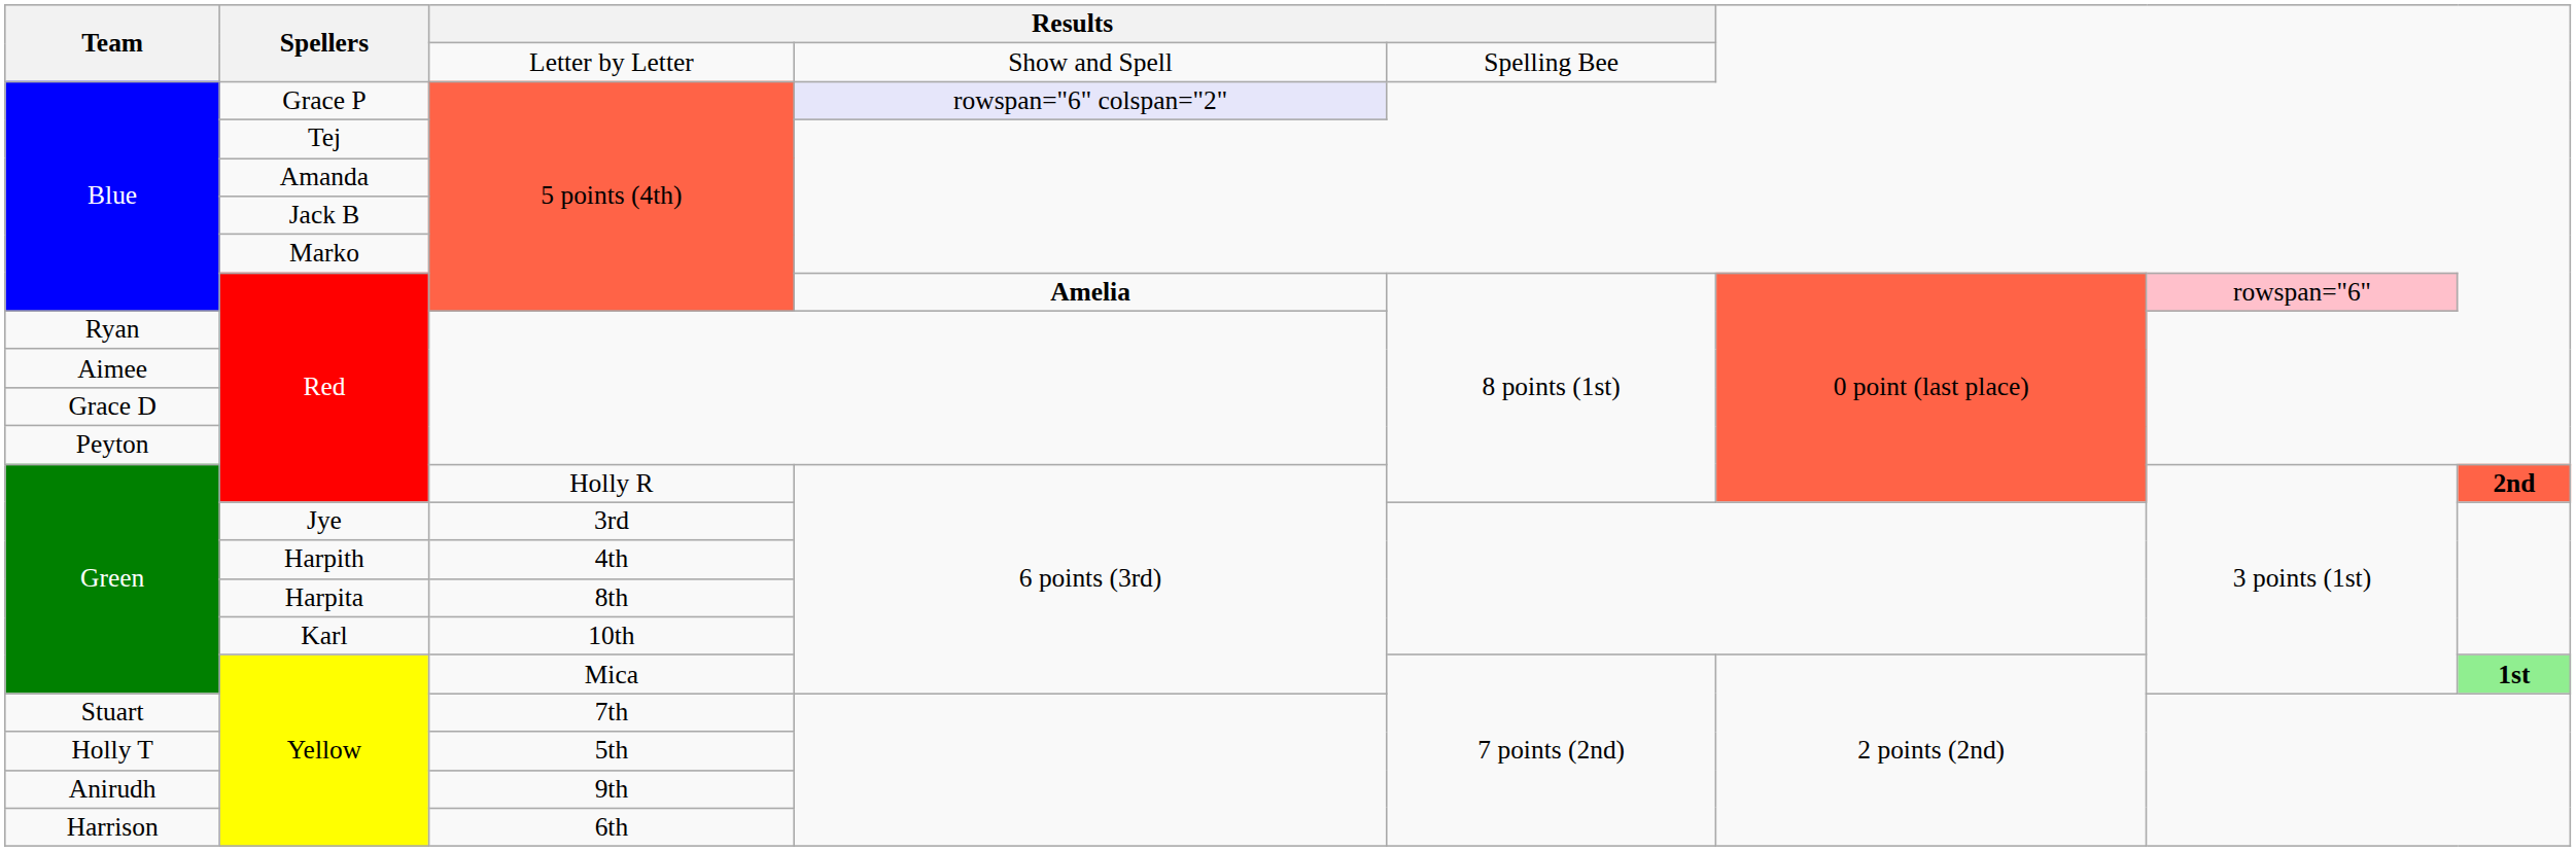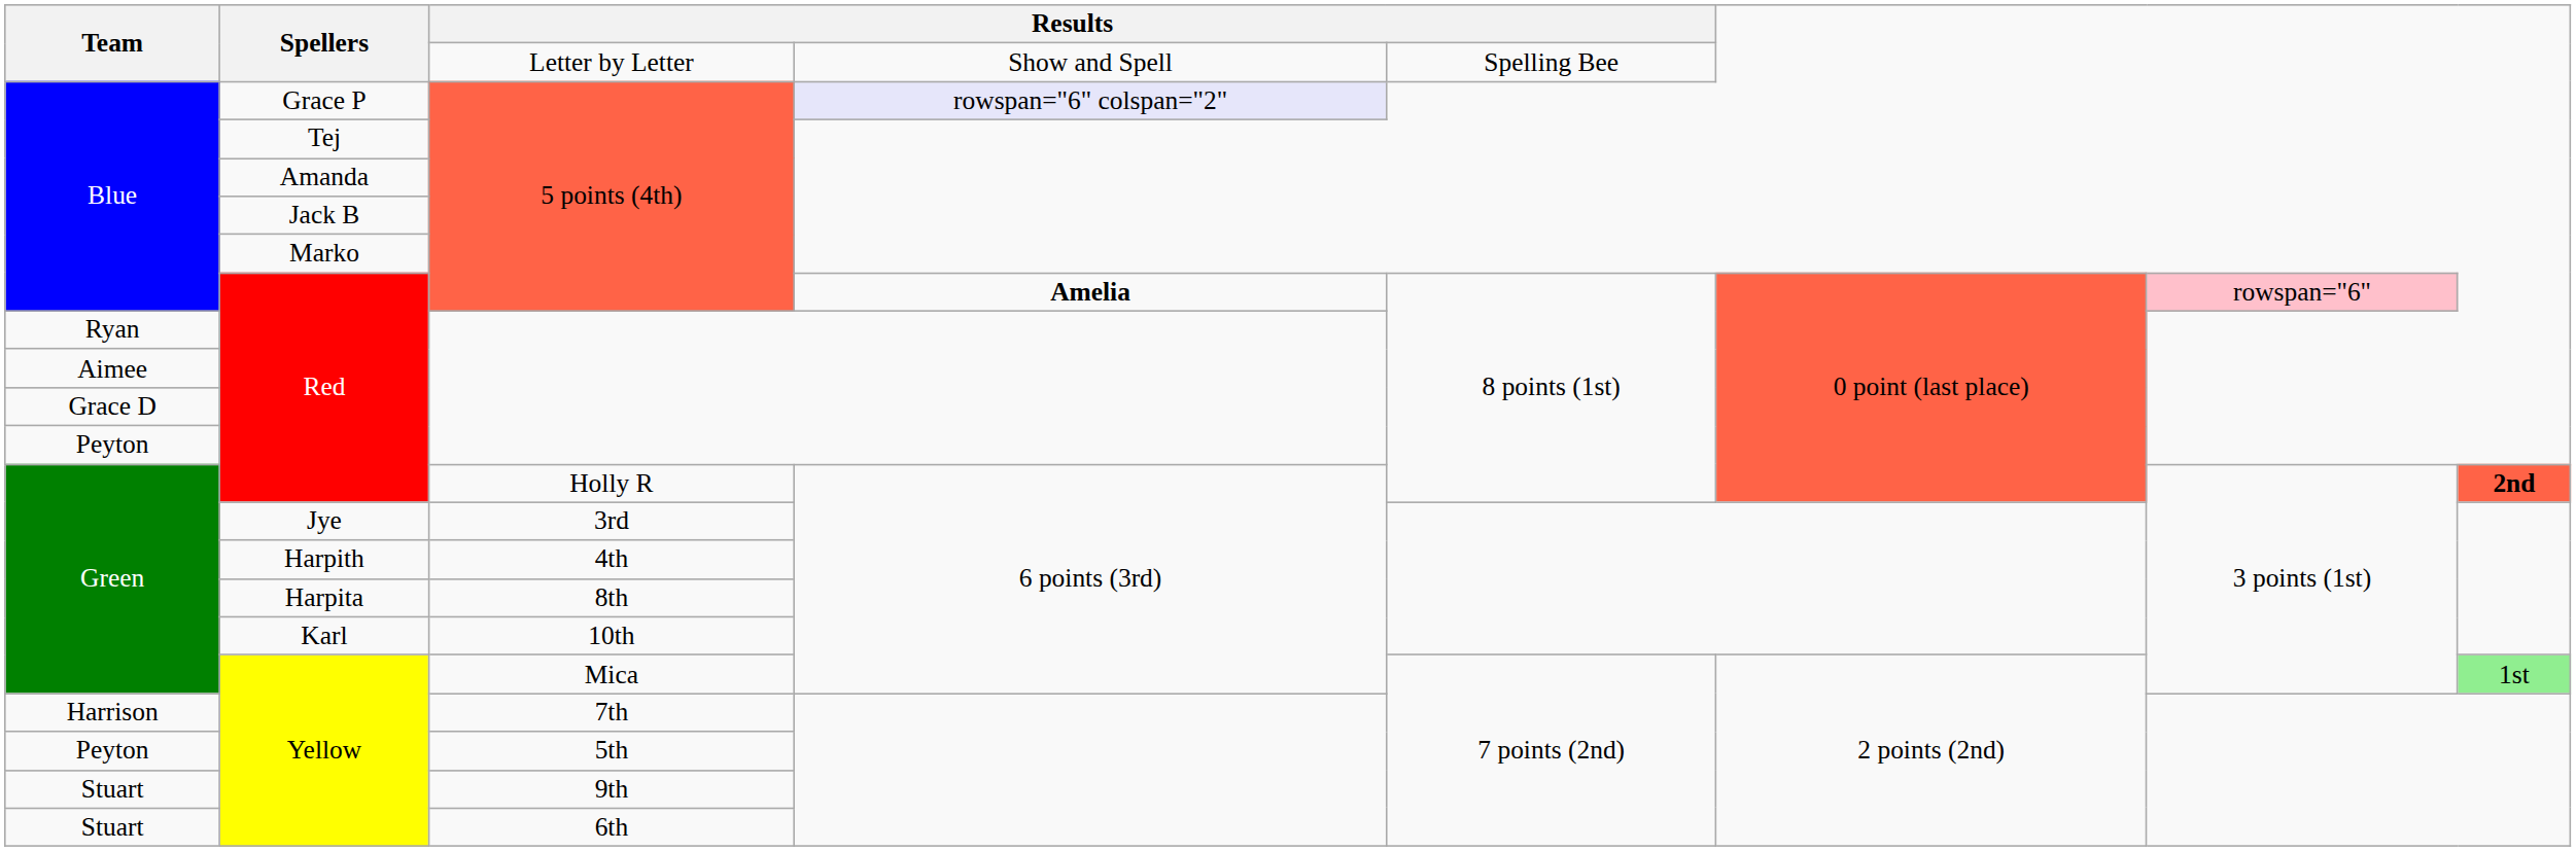 <table class="wikitable plainrowheaders" style="text-align:center; line-height:16px; width:99%;">
 <tr>
 <th rowspan="2">Team</th>
 <th rowspan="2">Spellers</th>
 <th colspan="3">Results</th>
 </tr>
 <tr>
 <td>Letter by Letter</td>
 <td>Show and Spell</td>
 <td>Spelling Bee</td>
 </tr>
 <tr>
 <td rowspan="6" style="background: blue; color: white;">Blue</td>
 <td>Grace P</td>
 <td rowspan="6" style="background: tomato; color: black;">5 points (4th)</td>
 <td style="background: lavender;">rowspan="6" colspan="2" </td>
 </tr>
 <tr>
 <td>Tej</td>
 </tr>
 <tr>
 <td>Amanda</td>
 </tr>
 <tr>
 <td>Jack B</td>
 </tr>
 <tr>
 <td>Marko</td>
 </tr>
 <tr>
 <td rowspan="6" style="background: red; color: white;">Red</td>
 <td><strong>Amelia</strong></td>
 <td rowspan="6">8 points (1st)</td>
 <td rowspan="6" style="background: tomato; color: black;">0 point (last place)</td>
 <td style="background: pink;">rowspan="6" </td>
 </tr>
 <tr>
 <td>Ryan</td>
 </tr>
 <tr>
 <td>Aimee</td>
 </tr>
 <tr>
 <td>Grace D</td>
 </tr>
 <tr>
 <td>Peyton</td>
 </tr>
 <tr>
 <td rowspan="6" style="background: green; color: white;">Green</td>
 <td>Holly R</td>
 <td rowspan="6">6 points (3rd)</td>
 <td rowspan="6">3 points (1st)</td>
 <td style="background: tomato; color: black;"><strong>2nd</strong></td>
 </tr>
 <tr>
 <td>Jye</td>
 <td>3rd</td>
 </tr>
 <tr>
 <td>Harpith</td>
 <td>4th</td>
 </tr>
 <tr>
 <td>Harpita</td>
 <td>8th</td>
 </tr>
 <tr>
 <td>Karl</td>
 <td>10th</td>
 </tr>
 <tr>
 <td rowspan="6" style="background: yellow; color: black;">Yellow</td>
 <td>Mica</td>
 <td rowspan="6">7 points (2nd)</td>
 <td rowspan="6">2 points (2nd)</td>
-<td style="background: lightgreen; color: black;"><strong>1st</strong></td>
+<td style="background: lightgreen; color: black;">1st</td>
+</tr>
+<tr>
+<td>Harrison</td>
+<td>7th</td>
+</tr>
+<tr>
+<td>Peyton</td>
+<td>5th</td>
 </tr>
 <tr>
 <td>Stuart</td>
-<td>7th</td>
-</tr>
-<tr>
-<td>Holly T</td>
-<td>5th</td>
-</tr>
-<tr>
-<td>Anirudh</td>
 <td>9th</td>
 </tr>
 <tr>
-<td>Harrison</td>
+<td>Stuart</td>
 <td>6th</td>
 </tr>
 </table>
